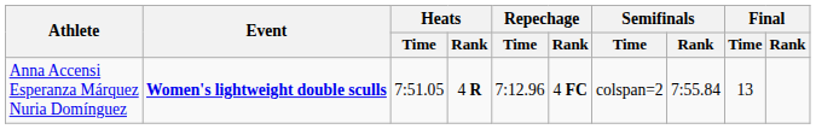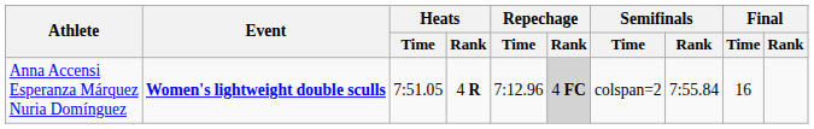 <table class="wikitable" style="font-size:90%">
 <tr>
 <th rowspan="2">Athlete</th>
 <th rowspan="2">Event</th>
 <th colspan="2">Heats</th>
 <th colspan="2">Repechage</th>
 <th colspan="2">Semifinals</th>
 <th colspan="2">Final</th>
 </tr>
 <tr style="font-size:95%">
 <th>Time</th>
 <th>Rank</th>
 <th>Time</th>
 <th>Rank</th>
 <th>Time</th>
 <th>Rank</th>
 <th>Time</th>
 <th>Rank</th>
 </tr>
 <tr align=center>
 <td align=left><a href='#'>Anna Accensi</a><br><a href='#'>Esperanza Márquez</a><br><a href='#'>Nuria Domínguez</a></td>
 <td align=left><strong><a href='#'>Women's lightweight double sculls</a></strong></td>
 <td>7:51.05</td>
 <td>4 <strong>R</strong></td>
 <td>7:12.96</td>
-<td>4 <strong>FC</strong></td>
+<td style="background: lightgrey;">4 <strong>FC</strong></td>
 <td>colspan=2 </td>
 <td>7:55.84</td>
-<td>13</td>
+<td>16</td>
 </tr>
 </table>
